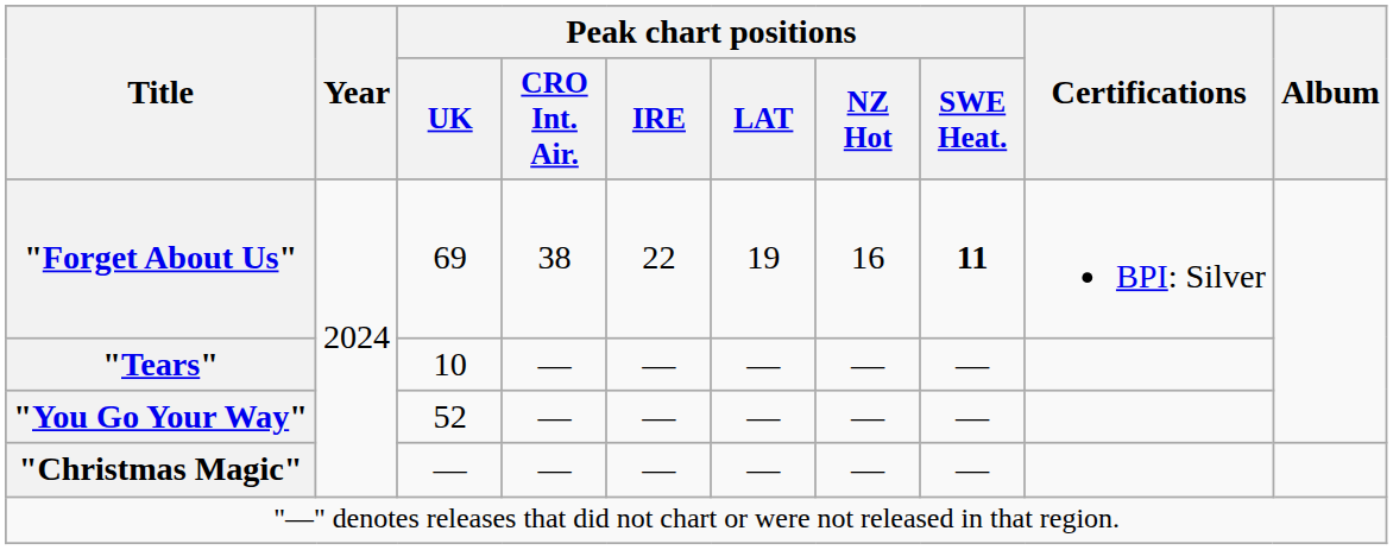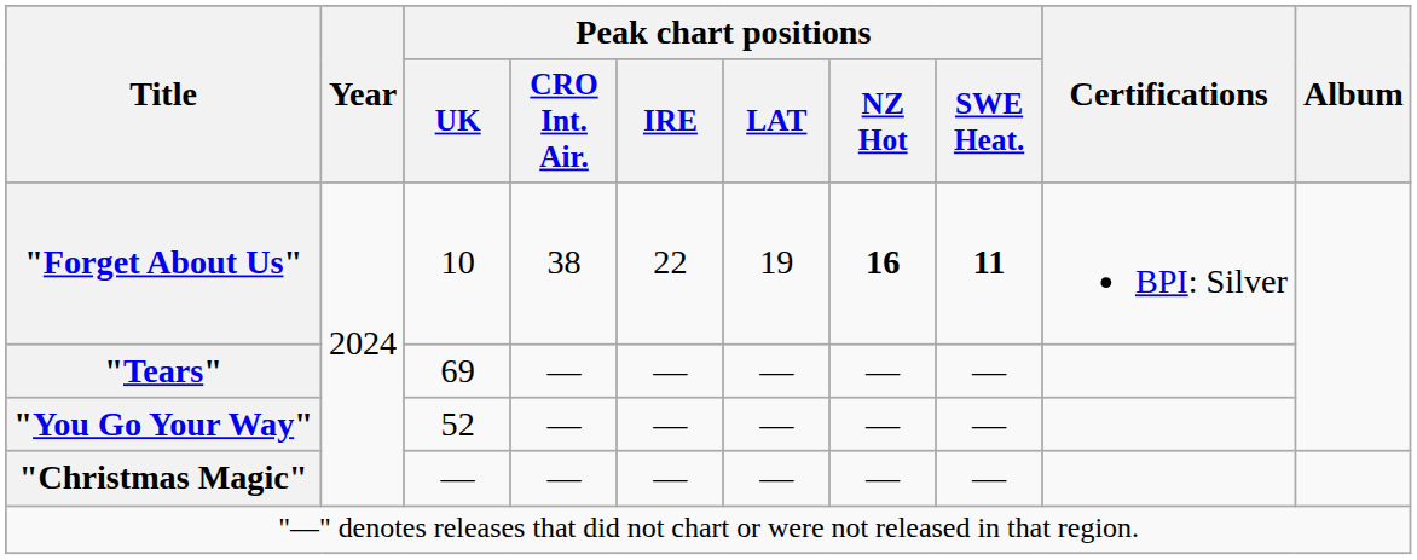 <table class="wikitable plainrowheaders" style="text-align:center;">
 <tr>
 <th scope="col" rowspan="2">Title</th>
 <th scope="col" rowspan="2">Year</th>
 <th scope="col" colspan="6">Peak chart positions</th>
 <th scope="col" rowspan="2">Certifications</th>
 <th scope="col" rowspan="2">Album</th>
 </tr>
 <tr>
 <th scope="col" style="width:3em;font-size:90%"><a href='#'>UK</a><br></th>
 <th scope="col" style="width:3em;font-size:90%"><a href='#'>CRO<br>Int.<br>Air.</a><br></th>
 <th scope="col" style="width:3em;font-size:90%"><a href='#'>IRE</a><br></th>
 <th scope="col" style="width:3em;font-size:90%"><a href='#'>LAT</a><br></th>
 <th scope="col" style="width:3em;font-size:90%"><a href='#'>NZ<br>Hot</a><br></th>
 <th scope="col" style="width:3em;font-size:90%"><a href='#'>SWE<br>Heat.</a><br></th>
 </tr>
 <tr>
 <th scope="row">"<a href='#'>Forget About Us</a>"</th>
 <td rowspan ="4">2024</td>
-<td>69</td>
+<td>10</td>
 <td>38</td>
 <td>22</td>
 <td>19</td>
-<td>16</td>
+<td><strong>16</strong></td>
 <td><strong>11</strong></td>
 <td><br><ul><li><a href='#'>BPI</a>: Silver</li></ul></td>
 <td rowspan ="3"> </td>
 </tr>
 <tr>
 <th scope="row">"<a href='#'>Tears</a>"</th>
-<td>10</td>
+<td>69</td>
 <td>—</td>
 <td>—</td>
 <td>—</td>
 <td>—</td>
 <td>—</td>
 <td></td>
 </tr>
 <tr>
 <th scope="row">"<a href='#'>You Go Your Way</a>"</th>
 <td>52</td>
 <td>—</td>
 <td>—</td>
 <td>—</td>
 <td>—</td>
 <td>—</td>
 <td></td>
 </tr>
 <tr>
 <th scope="row">"Christmas Magic"</th>
 <td>—</td>
 <td>—</td>
 <td>—</td>
 <td>—</td>
 <td>—</td>
 <td>—</td>
 <td rowspan ="1"></td>
 <td></td>
 </tr>
 <tr>
 <td colspan="10" style="font-size:85%;">"—" denotes releases that did not chart or were not released in that region.</td>
 </tr>
 </table>
